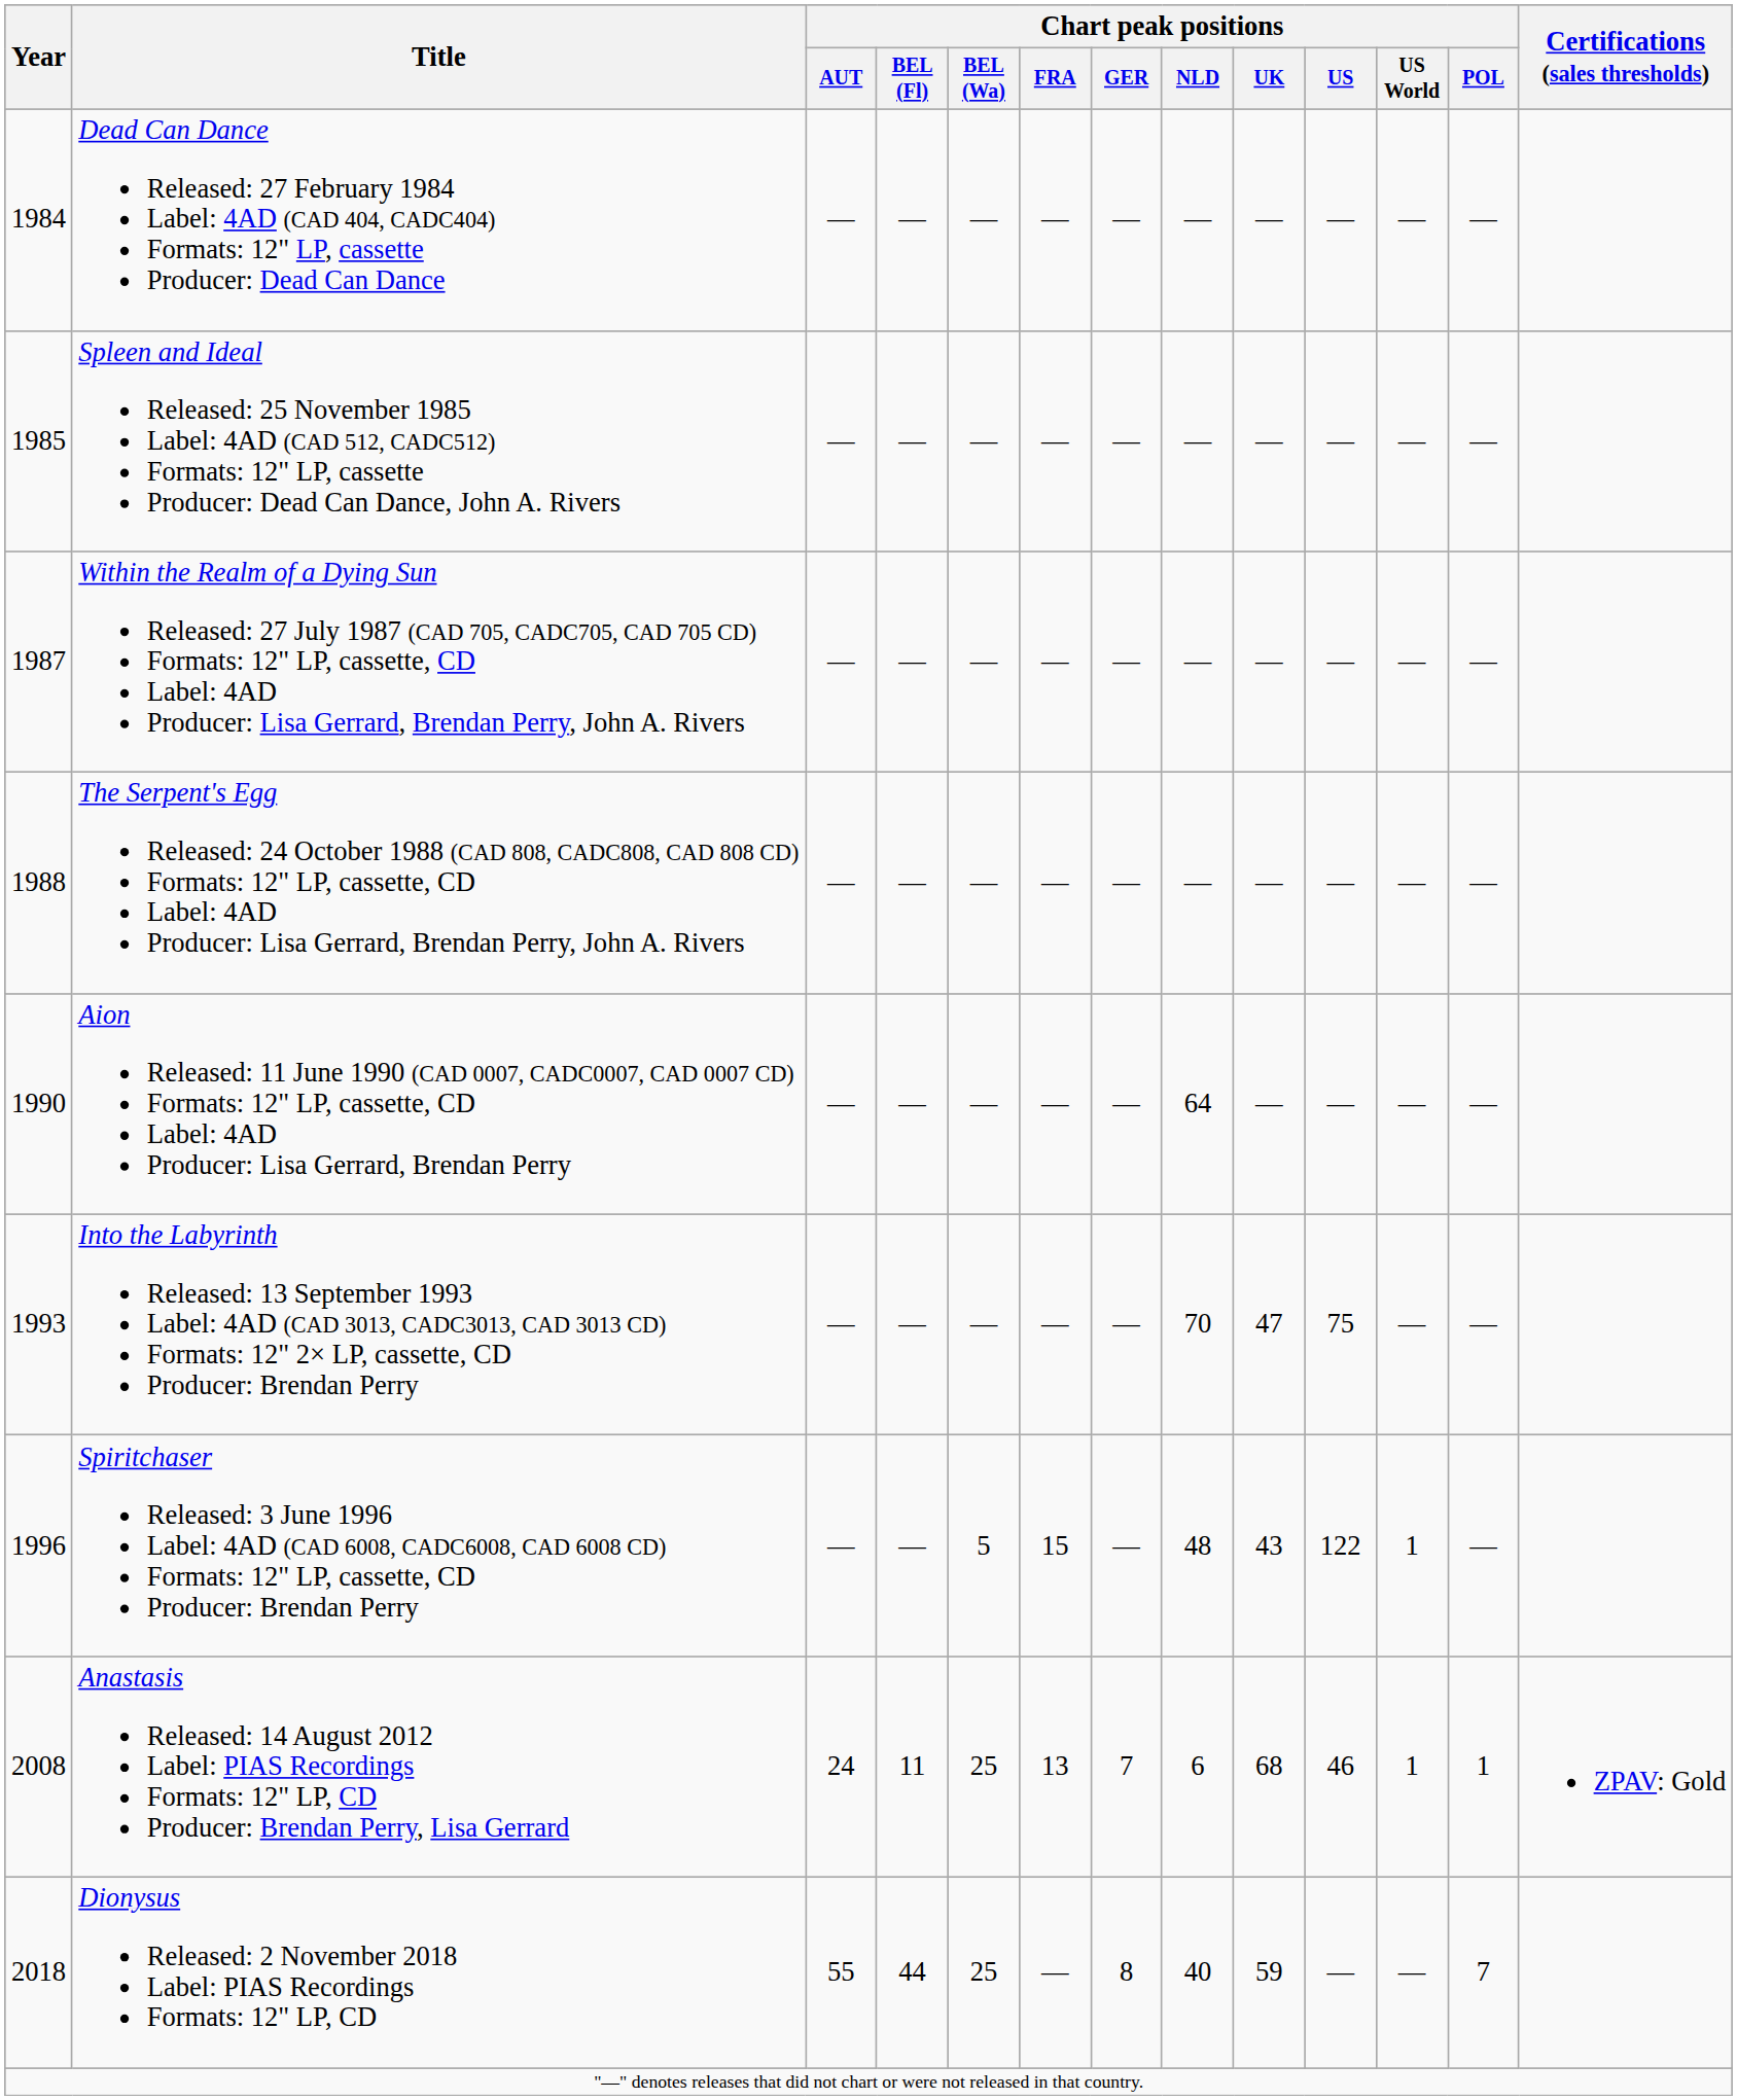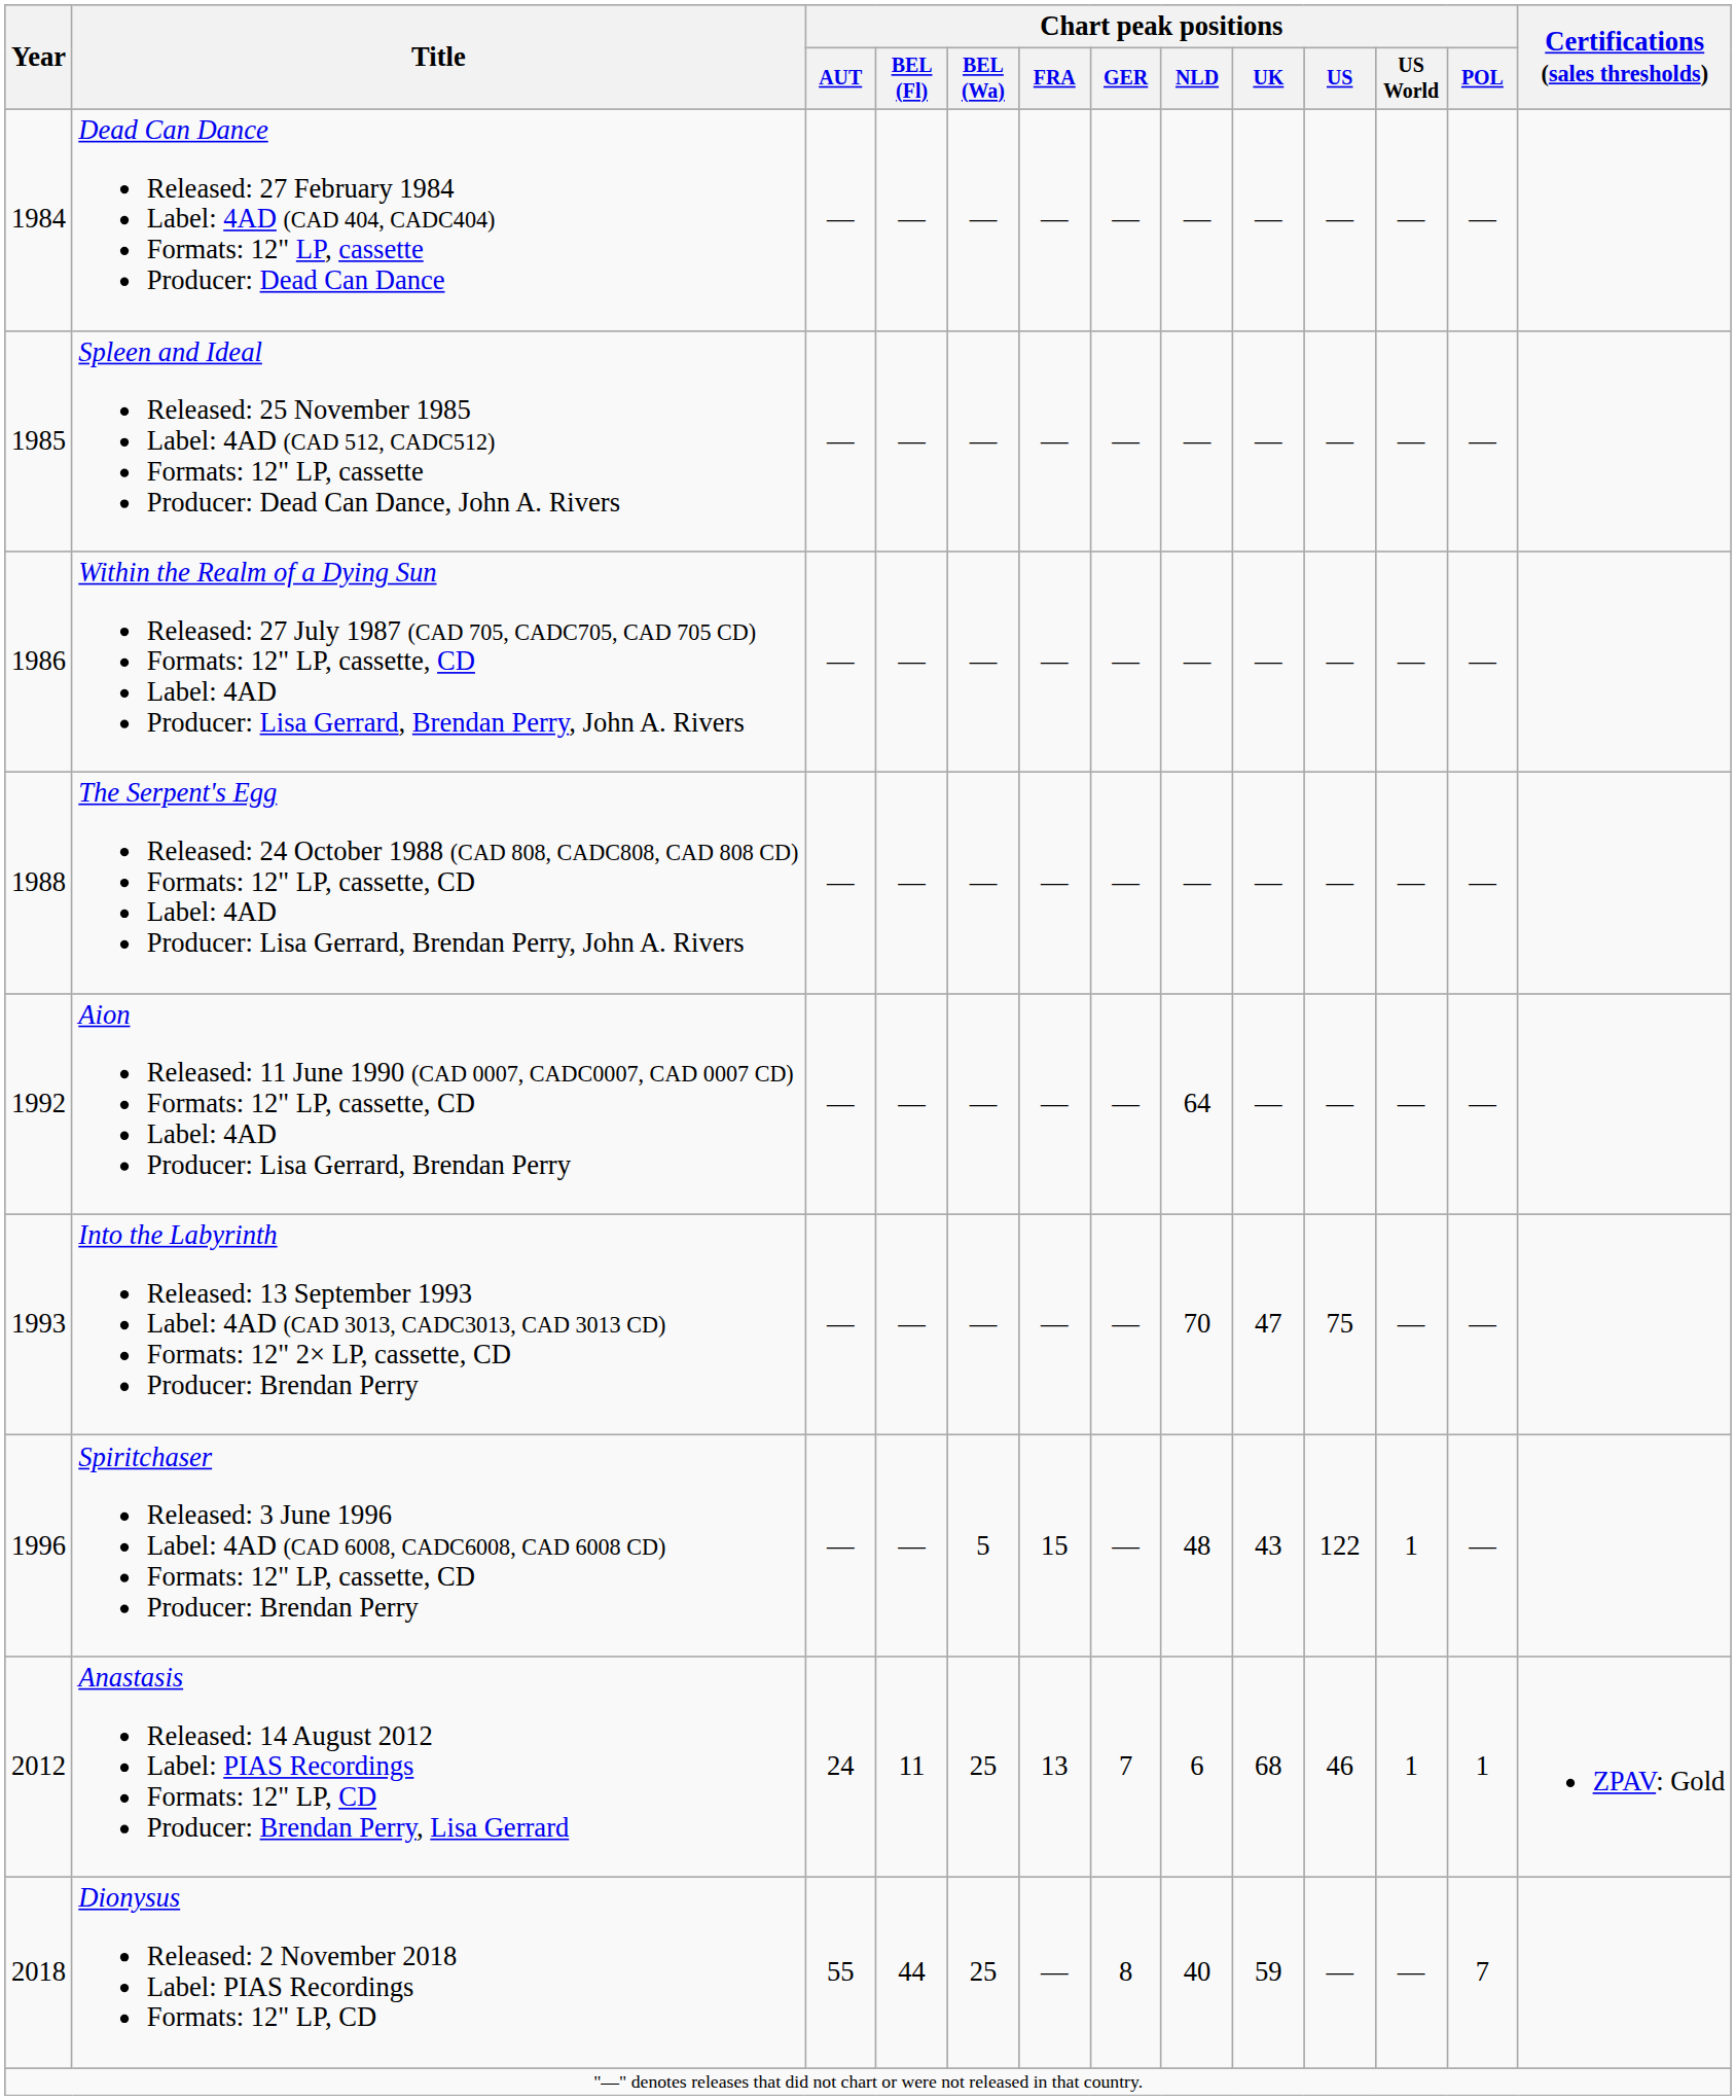 <table class="wikitable">
 <tr>
 <th rowspan="2">Year</th>
 <th rowspan="2">Title</th>
 <th colspan="10">Chart peak positions</th>
 <th rowspan="2"><a href='#'>Certifications</a><br><small>(<a href='#'>sales thresholds</a>)</small></th>
 </tr>
 <tr>
 <th style="width:3em;font-size:75%"><a href='#'>AUT</a><br></th>
 <th style="width:3em;font-size:75%"><a href='#'>BEL<br>(Fl)</a><br></th>
 <th style="width:3em;font-size:75%"><a href='#'>BEL<br>(Wa)</a><br></th>
 <th style="width:3em;font-size:75%"><a href='#'>FRA</a><br></th>
 <th style="width:3em;font-size:75%"><a href='#'>GER</a><br></th>
 <th style="width:3em;font-size:75%"><a href='#'>NLD</a><br></th>
 <th style="width:3em;font-size:75%"><a href='#'>UK</a><br></th>
 <th style="width:3em;font-size:75%"><a href='#'>US</a><br></th>
 <th style="width:3em;font-size:75%">US<br>World<br></th>
 <th style="width:3em;font-size:75%"><a href='#'>POL</a><br></th>
 </tr>
 <tr>
 <td style="text-align:center;">1984</td>
 <td><em><a href='#'>Dead Can Dance</a></em><br><ul><li>Released: 27 February 1984</li><li>Label: <a href='#'>4AD</a> <small>(CAD 404, CADC404)</small></li><li>Formats: 12" <a href='#'>LP</a>, <a href='#'>cassette</a></li><li>Producer: <a href='#'>Dead Can Dance</a></li></ul></td>
 <td style="text-align:center;">—</td>
 <td style="text-align:center;">—</td>
 <td style="text-align:center;">—</td>
 <td style="text-align:center;">—</td>
 <td style="text-align:center;">—</td>
 <td style="text-align:center;">—</td>
 <td style="text-align:center;">—</td>
 <td style="text-align:center;">—</td>
 <td style="text-align:center;">—</td>
 <td style="text-align:center;">—</td>
 <td></td>
 </tr>
 <tr>
 <td style="text-align:center;">1985</td>
 <td><em><a href='#'>Spleen and Ideal</a></em><br><ul><li>Released: 25 November 1985</li><li>Label: 4AD <small>(CAD 512, CADC512)</small></li><li>Formats: 12" LP, cassette</li><li>Producer: Dead Can Dance, John A. Rivers</li></ul></td>
 <td style="text-align:center;">—</td>
 <td style="text-align:center;">—</td>
 <td style="text-align:center;">—</td>
 <td style="text-align:center;">—</td>
 <td style="text-align:center;">—</td>
 <td style="text-align:center;">—</td>
 <td style="text-align:center;">—</td>
 <td style="text-align:center;">—</td>
 <td style="text-align:center;">—</td>
 <td style="text-align:center;">—</td>
 <td></td>
 </tr>
 <tr>
-<td style="text-align:center;">1987</td>
+<td style="text-align:center;">1986</td>
 <td><em><a href='#'>Within the Realm of a Dying Sun</a></em><br><ul><li>Released: 27 July 1987 <small>(CAD 705, CADC705, CAD 705 CD)</small></li><li>Formats: 12" LP, cassette, <a href='#'>CD</a></li><li>Label: 4AD</li><li>Producer: <a href='#'>Lisa Gerrard</a>, <a href='#'>Brendan Perry</a>, John A. Rivers</li></ul></td>
 <td style="text-align:center;">—</td>
 <td style="text-align:center;">—</td>
 <td style="text-align:center;">—</td>
 <td style="text-align:center;">—</td>
 <td style="text-align:center;">—</td>
 <td style="text-align:center;">—</td>
 <td style="text-align:center;">—</td>
 <td style="text-align:center;">—</td>
 <td style="text-align:center;">—</td>
 <td style="text-align:center;">—</td>
 <td></td>
 </tr>
 <tr>
 <td style="text-align:center;">1988</td>
 <td><em><a href='#'>The Serpent's Egg</a></em><br><ul><li>Released: 24 October 1988 <small>(CAD 808, CADC808, CAD 808 CD)</small></li><li>Formats: 12" LP, cassette, CD</li><li>Label: 4AD</li><li>Producer: Lisa Gerrard, Brendan Perry, John A. Rivers</li></ul></td>
 <td style="text-align:center;">—</td>
 <td style="text-align:center;">—</td>
 <td style="text-align:center;">—</td>
 <td style="text-align:center;">—</td>
 <td style="text-align:center;">—</td>
 <td style="text-align:center;">—</td>
 <td style="text-align:center;">—</td>
 <td style="text-align:center;">—</td>
 <td style="text-align:center;">—</td>
 <td style="text-align:center;">—</td>
 <td></td>
 </tr>
 <tr>
-<td style="text-align:center;">1990</td>
+<td style="text-align:center;">1992</td>
 <td><em><a href='#'>Aion</a></em><br><ul><li>Released: 11 June 1990 <small>(CAD 0007, CADC0007, CAD 0007 CD)</small></li><li>Formats: 12" LP, cassette, CD</li><li>Label: 4AD</li><li>Producer: Lisa Gerrard, Brendan Perry</li></ul></td>
 <td style="text-align:center;">—</td>
 <td style="text-align:center;">—</td>
 <td style="text-align:center;">—</td>
 <td style="text-align:center;">—</td>
 <td style="text-align:center;">—</td>
 <td style="text-align:center;">64</td>
 <td style="text-align:center;">—</td>
 <td style="text-align:center;">—</td>
 <td style="text-align:center;">—</td>
 <td style="text-align:center;">—</td>
 <td></td>
 </tr>
 <tr>
 <td style="text-align:center;">1993</td>
 <td><em><a href='#'>Into the Labyrinth</a></em><br><ul><li>Released: 13 September 1993</li><li>Label: 4AD <small>(CAD 3013, CADC3013, CAD 3013 CD)</small></li><li>Formats: 12" 2× LP, cassette, CD</li><li>Producer: Brendan Perry</li></ul></td>
 <td style="text-align:center;">—</td>
 <td style="text-align:center;">—</td>
 <td style="text-align:center;">—</td>
 <td style="text-align:center;">—</td>
 <td style="text-align:center;">—</td>
 <td style="text-align:center;">70</td>
 <td style="text-align:center;">47</td>
 <td style="text-align:center;">75</td>
 <td style="text-align:center;">—</td>
 <td style="text-align:center;">—</td>
 <td></td>
 </tr>
 <tr>
 <td style="text-align:center;">1996</td>
 <td><em><a href='#'>Spiritchaser</a></em><br><ul><li>Released: 3 June 1996</li><li>Label: 4AD <small>(CAD 6008, CADC6008, CAD 6008 CD)</small></li><li>Formats: 12" LP, cassette, CD</li><li>Producer: Brendan Perry</li></ul></td>
 <td style="text-align:center;">—</td>
 <td style="text-align:center;">—</td>
 <td style="text-align:center;">5</td>
 <td style="text-align:center;">15</td>
 <td style="text-align:center;">—</td>
 <td style="text-align:center;">48</td>
 <td style="text-align:center;">43</td>
 <td style="text-align:center;">122</td>
 <td style="text-align:center;">1</td>
 <td style="text-align:center;">—</td>
 <td></td>
 </tr>
 <tr>
-<td style="text-align:center;">2008</td>
+<td style="text-align:center;">2012</td>
 <td><em><a href='#'>Anastasis</a></em><br><ul><li>Released: 14 August 2012</li><li>Label: <a href='#'>PIAS Recordings</a></li><li>Formats: 12" LP, <a href='#'>CD</a></li><li>Producer: <a href='#'>Brendan Perry</a>, <a href='#'>Lisa Gerrard</a></li></ul></td>
 <td style="text-align:center;">24</td>
 <td style="text-align:center;">11</td>
 <td style="text-align:center;">25</td>
 <td style="text-align:center;">13</td>
 <td style="text-align:center;">7</td>
 <td style="text-align:center;">6</td>
 <td style="text-align:center;">68</td>
 <td style="text-align:center;">46</td>
 <td style="text-align:center;">1</td>
 <td style="text-align:center;">1</td>
 <td><br><ul><li><a href='#'>ZPAV</a>: Gold</li></ul></td>
 </tr>
 <tr>
 <td>2018</td>
 <td><em><a href='#'>Dionysus</a></em><br><ul><li>Released: 2 November 2018</li><li>Label: PIAS Recordings</li><li>Formats: 12" LP, CD</li></ul></td>
 <td style="text-align:center;">55</td>
 <td style="text-align:center;">44</td>
 <td style="text-align:center;">25</td>
 <td style="text-align:center;">—</td>
 <td style="text-align:center;">8</td>
 <td style="text-align:center;">40</td>
 <td style="text-align:center;">59</td>
 <td style="text-align:center;">—</td>
 <td style="text-align:center;">—</td>
 <td style="text-align:center;">7</td>
 <td></td>
 </tr>
 <tr>
 <td colspan="13" style="text-align:center; font-size:8pt;">"—" denotes releases that did not chart or were not released in that country.</td>
 </tr>
 </table>
